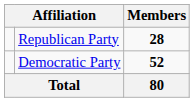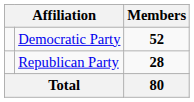 <table class="wikitable">
 <tr>
 <th colspan="2">Affiliation</th>
 <th>Members</th>
 </tr>
 <tr>
 <td style="background-color:"> </td>
-<td><a href='#'>Republican Party</a></td>
-<td style="text-align:center;"><strong>28</strong></td>
+<td><a href='#'>Democratic Party</a></td>
+<td style="text-align:center;"><strong>52</strong></td>
 </tr>
 <tr>
 <td style="background-color:"> </td>
-<td><a href='#'>Democratic Party</a></td>
-<td style="text-align:center;"><strong>52</strong></td>
+<td><a href='#'>Republican Party</a></td>
+<td style="text-align:center;"><strong>28</strong></td>
 </tr>
 <tr>
 <th colspan="2" style="text-align:center;">Total</th>
 <th style="text-align:center;">80</th>
 </tr>
 </table>
